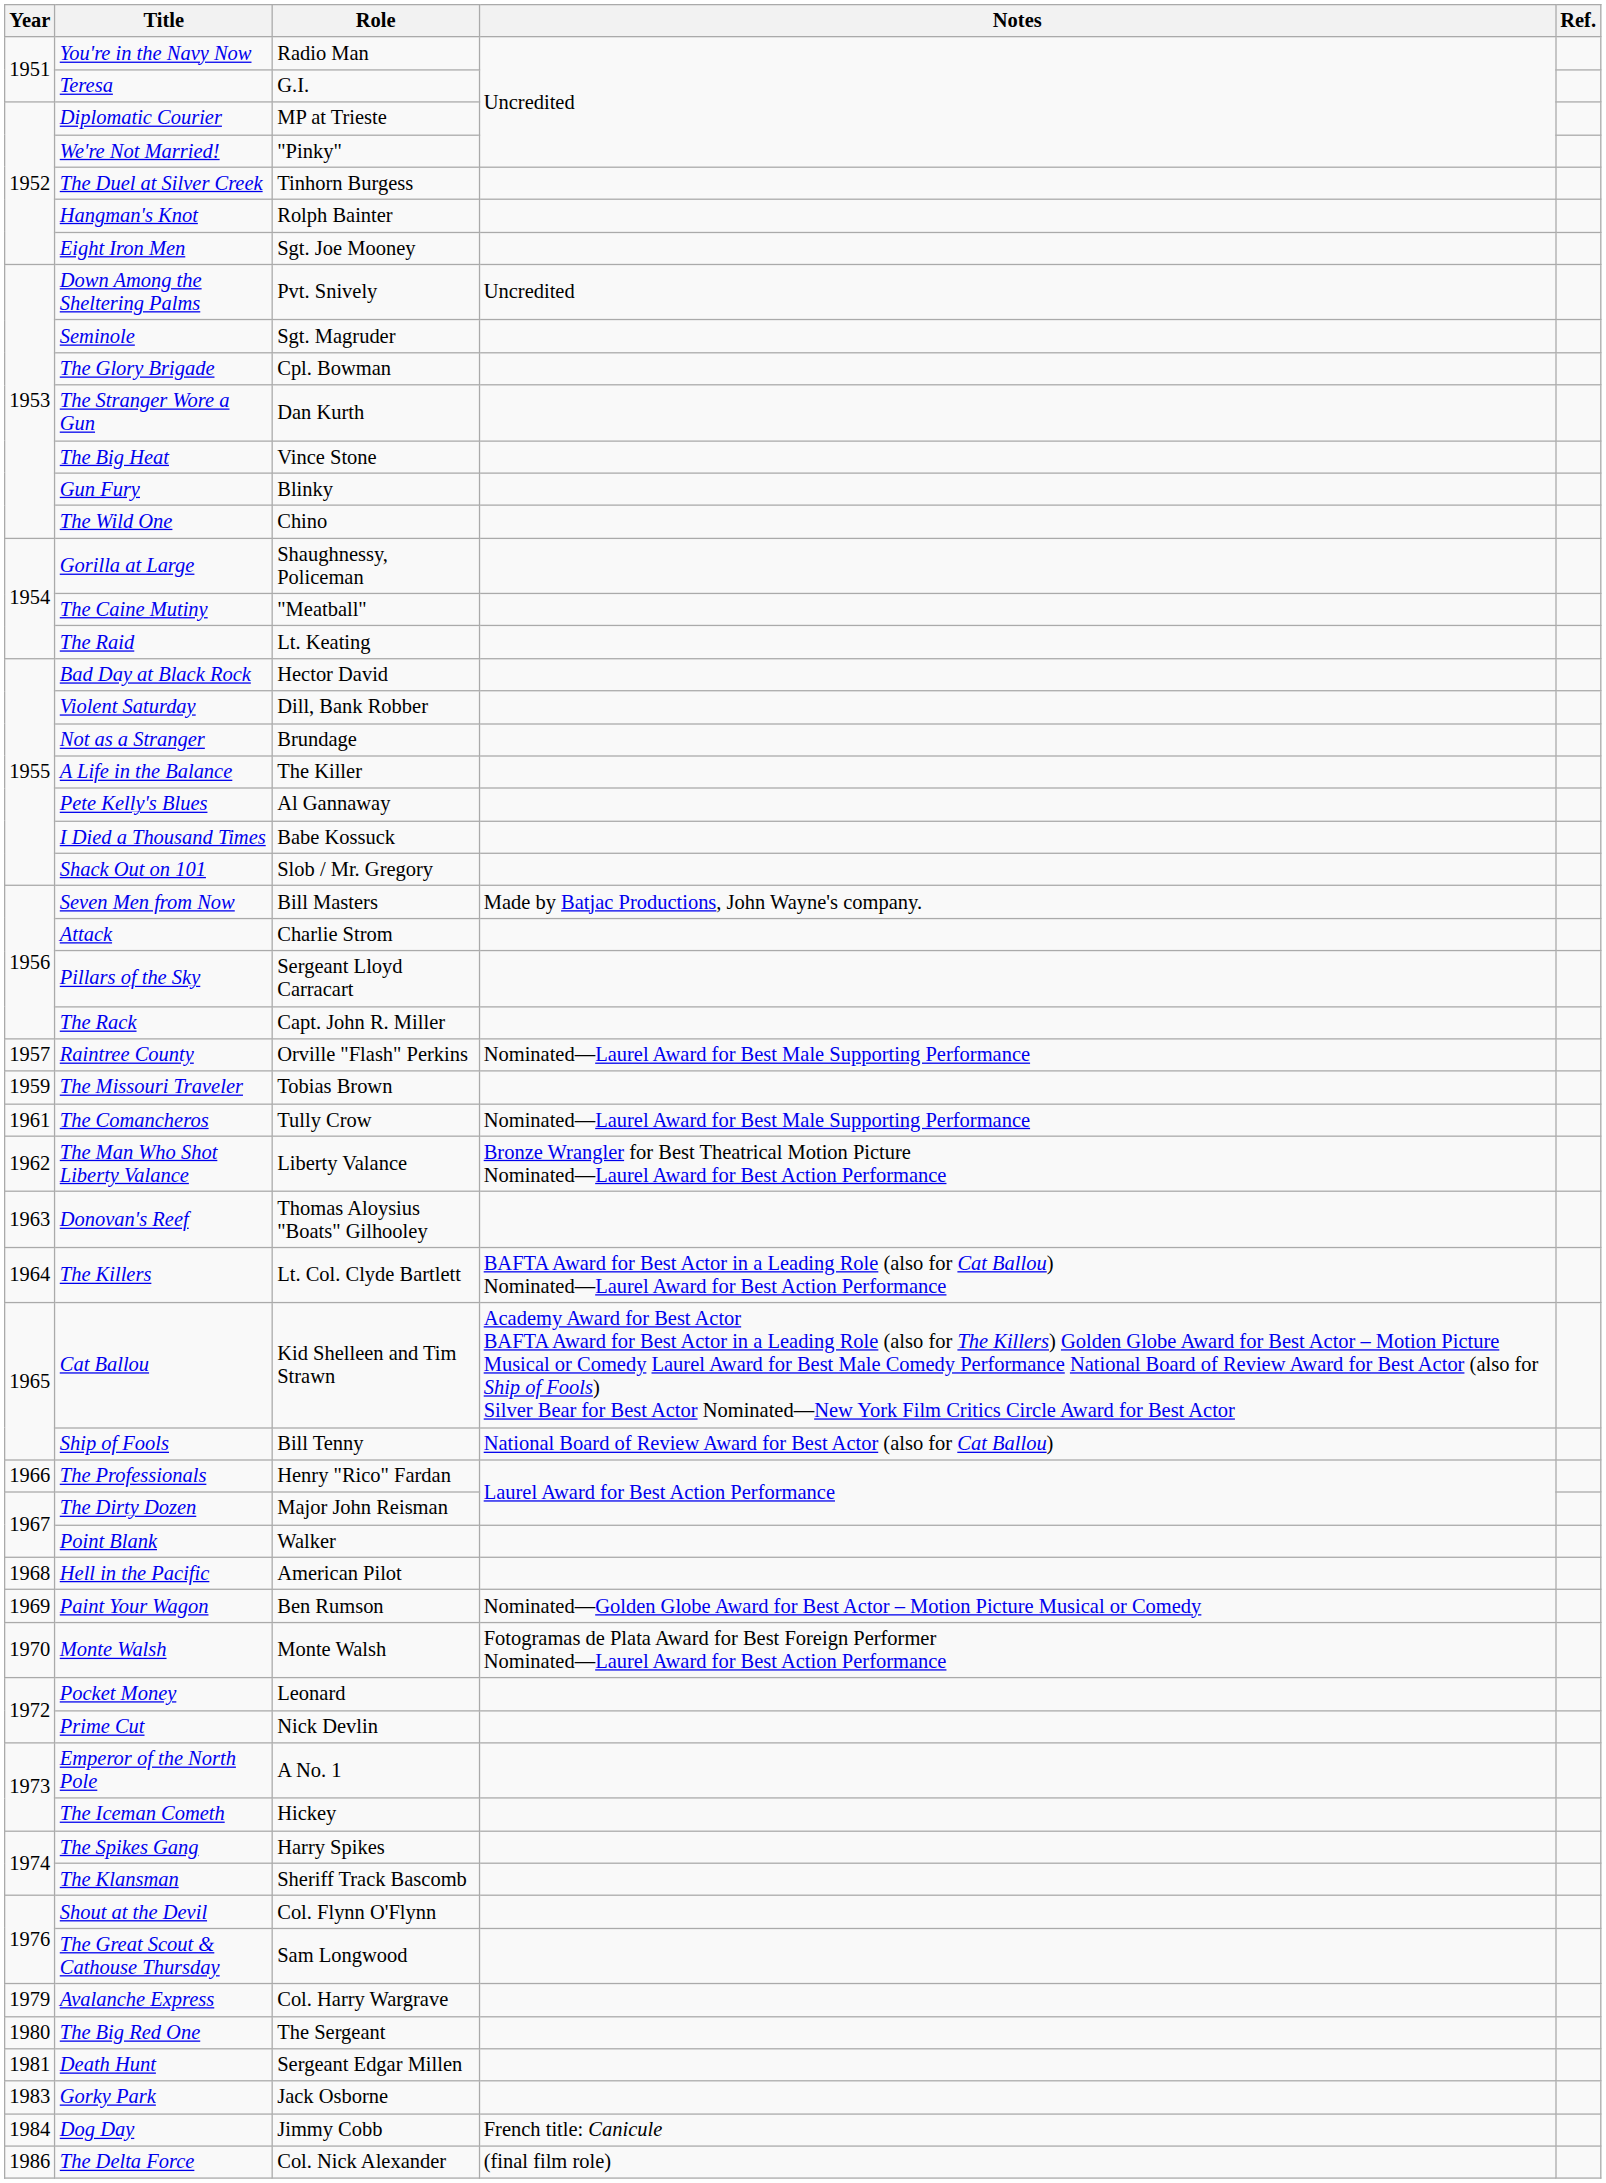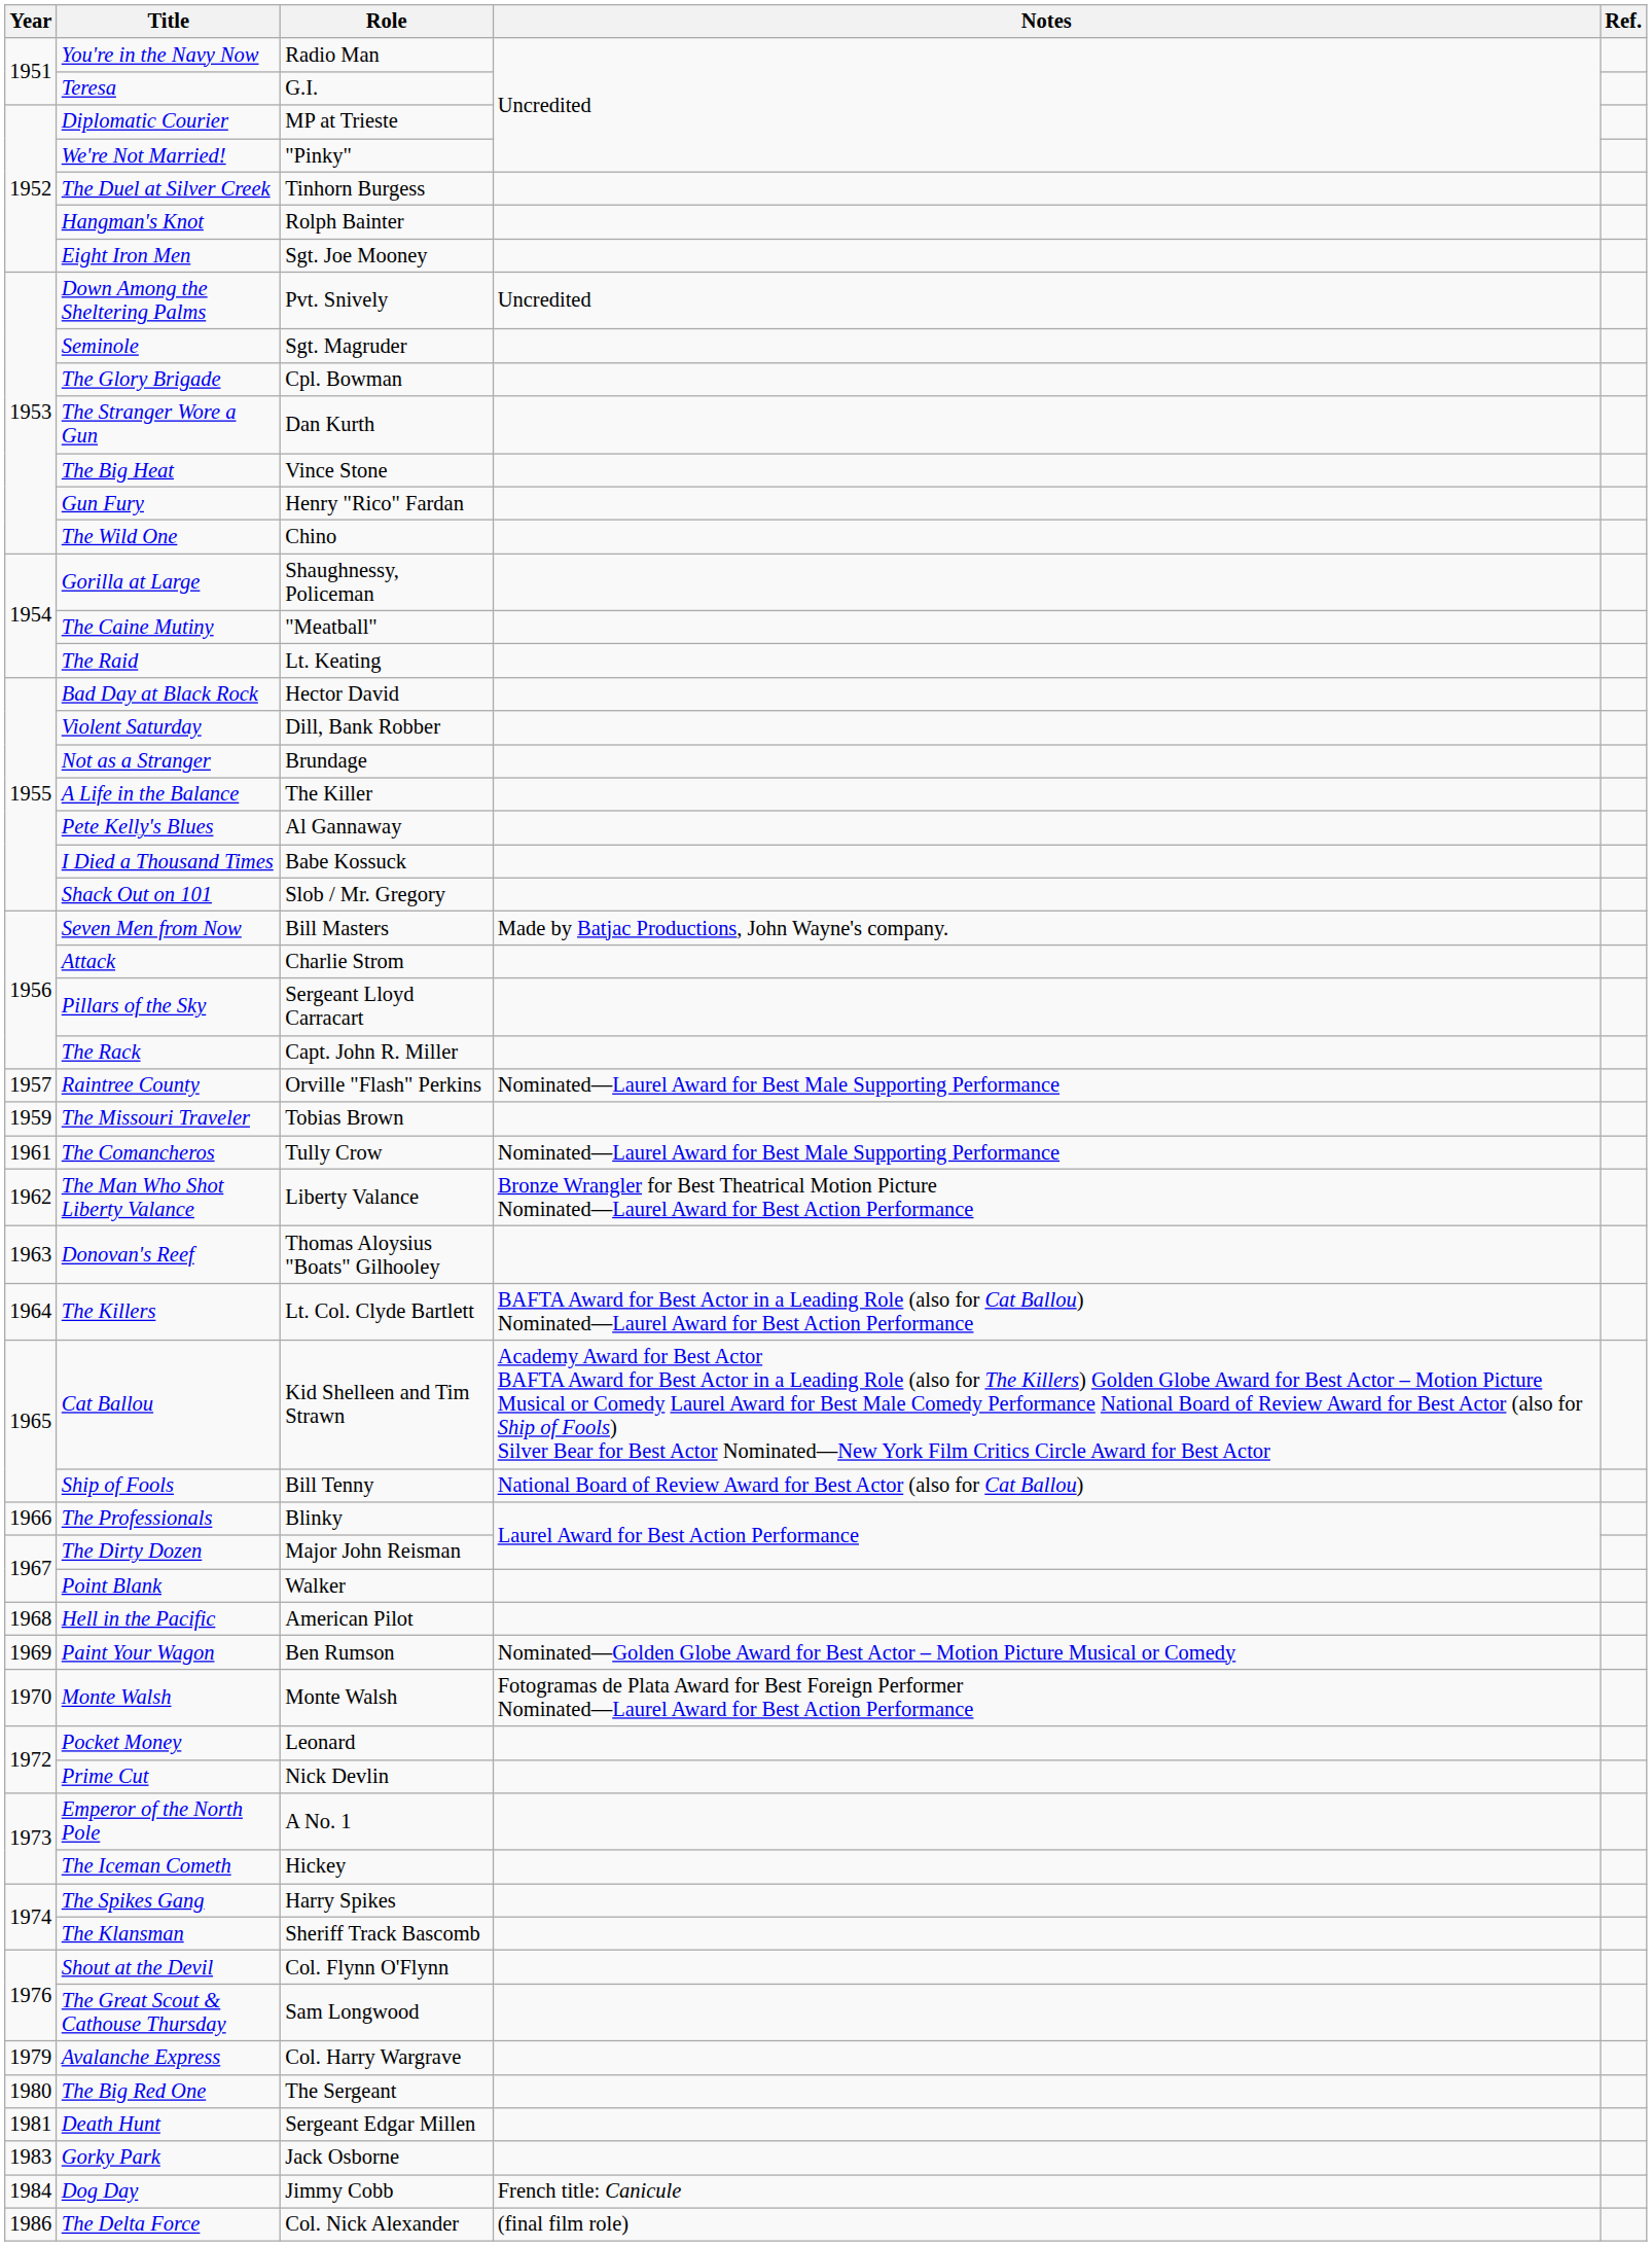 <table class="wikitable sortable">
 <tr>
 <th>Year</th>
 <th>Title</th>
 <th>Role</th>
 <th class="unsortable">Notes</th>
 <th>Ref.</th>
 </tr>
 <tr>
 <td rowspan="2">1951</td>
 <td><em><a href='#'>You're in the Navy Now</a></em></td>
 <td>Radio Man</td>
 <td rowspan="4">Uncredited</td>
 <td></td>
 </tr>
 <tr>
 <td><em><a href='#'>Teresa</a></em></td>
 <td>G.I.</td>
 <td></td>
 </tr>
 <tr>
 <td rowspan="5">1952</td>
 <td><em><a href='#'>Diplomatic Courier</a></em></td>
 <td>MP at Trieste</td>
 <td></td>
 </tr>
 <tr>
 <td><em><a href='#'>We're Not Married!</a></em></td>
 <td>"Pinky"</td>
 <td></td>
 </tr>
 <tr>
 <td><em><a href='#'>The Duel at Silver Creek</a></em></td>
 <td>Tinhorn Burgess</td>
 <td></td>
 <td></td>
 </tr>
 <tr>
 <td><em><a href='#'>Hangman's Knot</a></em></td>
 <td>Rolph Bainter</td>
 <td></td>
 <td></td>
 </tr>
 <tr>
 <td><em><a href='#'>Eight Iron Men</a></em></td>
 <td>Sgt. Joe Mooney</td>
 <td></td>
 <td></td>
 </tr>
 <tr>
 <td rowspan="7">1953</td>
 <td><em><a href='#'>Down Among the Sheltering Palms</a></em></td>
 <td>Pvt. Snively</td>
 <td>Uncredited</td>
 <td></td>
 </tr>
 <tr>
 <td><em><a href='#'>Seminole</a></em></td>
 <td>Sgt. Magruder</td>
 <td></td>
 <td></td>
 </tr>
 <tr>
 <td><em><a href='#'>The Glory Brigade</a></em></td>
 <td>Cpl. Bowman</td>
 <td></td>
 <td></td>
 </tr>
 <tr>
 <td><em><a href='#'>The Stranger Wore a Gun</a></em></td>
 <td>Dan Kurth</td>
 <td></td>
 <td></td>
 </tr>
 <tr>
 <td><em><a href='#'>The Big Heat</a></em></td>
 <td>Vince Stone</td>
 <td></td>
 <td></td>
 </tr>
 <tr>
 <td><em><a href='#'>Gun Fury</a></em></td>
-<td>Blinky</td>
+<td>Henry "Rico" Fardan</td>
 <td></td>
 <td></td>
 </tr>
 <tr>
 <td><em><a href='#'>The Wild One</a></em></td>
 <td>Chino</td>
 <td></td>
 <td></td>
 </tr>
 <tr>
 <td rowspan="3">1954</td>
 <td><em><a href='#'>Gorilla at Large</a></em></td>
 <td>Shaughnessy, Policeman</td>
 <td></td>
 <td></td>
 </tr>
 <tr>
 <td><em><a href='#'>The Caine Mutiny</a></em></td>
 <td>"Meatball"</td>
 <td></td>
 <td></td>
 </tr>
 <tr>
 <td><em><a href='#'>The Raid</a></em></td>
 <td>Lt. Keating</td>
 <td></td>
 <td></td>
 </tr>
 <tr>
 <td rowspan="7">1955</td>
 <td><em><a href='#'>Bad Day at Black Rock</a></em></td>
 <td>Hector David</td>
 <td></td>
 <td></td>
 </tr>
 <tr>
 <td><em><a href='#'>Violent Saturday</a></em></td>
 <td>Dill, Bank Robber</td>
 <td></td>
 <td></td>
 </tr>
 <tr>
 <td><em><a href='#'>Not as a Stranger</a></em></td>
 <td>Brundage</td>
 <td></td>
 <td></td>
 </tr>
 <tr>
 <td><em><a href='#'>A Life in the Balance</a></em></td>
 <td>The Killer</td>
 <td></td>
 <td></td>
 </tr>
 <tr>
 <td><em><a href='#'>Pete Kelly's Blues</a></em></td>
 <td>Al Gannaway</td>
 <td></td>
 <td></td>
 </tr>
 <tr>
 <td><em><a href='#'>I Died a Thousand Times</a></em></td>
 <td>Babe Kossuck</td>
 <td></td>
 <td></td>
 </tr>
 <tr>
 <td><em><a href='#'>Shack Out on 101</a></em></td>
 <td>Slob / Mr. Gregory</td>
 <td></td>
 <td></td>
 </tr>
 <tr>
 <td rowspan="4">1956</td>
 <td><em><a href='#'>Seven Men from Now</a></em></td>
 <td>Bill Masters</td>
 <td>Made by <a href='#'>Batjac Productions</a>, John Wayne's company.</td>
 <td></td>
 </tr>
 <tr>
 <td><em><a href='#'>Attack</a></em></td>
 <td>Charlie Strom</td>
 <td></td>
 <td></td>
 </tr>
 <tr>
 <td><em><a href='#'>Pillars of the Sky</a></em></td>
 <td>Sergeant Lloyd Carracart</td>
 <td></td>
 <td></td>
 </tr>
 <tr>
 <td><em><a href='#'>The Rack</a></em></td>
 <td>Capt. John R. Miller</td>
 <td></td>
 <td></td>
 </tr>
 <tr>
 <td>1957</td>
 <td><em><a href='#'>Raintree County</a></em></td>
 <td>Orville "Flash" Perkins</td>
 <td>Nominated—<a href='#'>Laurel Award for Best Male Supporting Performance</a></td>
 <td></td>
 </tr>
 <tr>
 <td>1959</td>
 <td><em><a href='#'>The Missouri Traveler</a></em></td>
 <td>Tobias Brown</td>
 <td></td>
 <td></td>
 </tr>
 <tr>
 <td>1961</td>
 <td><em><a href='#'>The Comancheros</a></em></td>
 <td>Tully Crow</td>
 <td>Nominated—<a href='#'>Laurel Award for Best Male Supporting Performance</a></td>
 <td></td>
 </tr>
 <tr>
 <td>1962</td>
 <td><em><a href='#'>The Man Who Shot Liberty Valance</a></em></td>
 <td>Liberty Valance</td>
 <td><a href='#'>Bronze Wrangler</a> for Best Theatrical Motion Picture<br>Nominated—<a href='#'>Laurel Award for Best Action Performance</a></td>
 <td></td>
 </tr>
 <tr>
 <td>1963</td>
 <td><em><a href='#'>Donovan's Reef</a></em></td>
 <td>Thomas Aloysius "Boats" Gilhooley</td>
 <td></td>
 <td></td>
 </tr>
 <tr>
 <td>1964</td>
 <td><em><a href='#'>The Killers</a></em></td>
 <td>Lt. Col. Clyde Bartlett</td>
 <td><a href='#'>BAFTA Award for Best Actor in a Leading Role</a> (also for <em><a href='#'>Cat Ballou</a></em>)<br>Nominated—<a href='#'>Laurel Award for Best Action Performance</a></td>
 <td></td>
 </tr>
 <tr>
 <td rowspan="2">1965</td>
 <td><em><a href='#'>Cat Ballou</a></em></td>
 <td>Kid Shelleen and Tim Strawn</td>
 <td><a href='#'>Academy Award for Best Actor</a><br><a href='#'>BAFTA Award for Best Actor in a Leading Role</a> (also for <em><a href='#'>The Killers</a></em>) <a href='#'>Golden Globe Award for Best Actor – Motion Picture Musical or Comedy</a> <a href='#'>Laurel Award for Best Male Comedy Performance</a> <a href='#'>National Board of Review Award for Best Actor</a> (also for <em><a href='#'>Ship of Fools</a></em>)<br><a href='#'>Silver Bear for Best Actor</a> Nominated—<a href='#'>New York Film Critics Circle Award for Best Actor</a></td>
 <td></td>
 </tr>
 <tr>
 <td><em><a href='#'>Ship of Fools</a></em></td>
 <td>Bill Tenny</td>
 <td><a href='#'>National Board of Review Award for Best Actor</a> (also for <em><a href='#'>Cat Ballou</a></em>)</td>
 <td></td>
 </tr>
 <tr>
 <td>1966</td>
 <td><em><a href='#'>The Professionals</a></em></td>
-<td>Henry "Rico" Fardan</td>
+<td>Blinky</td>
 <td rowspan="2"><a href='#'>Laurel Award for Best Action Performance</a></td>
 <td></td>
 </tr>
 <tr>
 <td rowspan="2">1967</td>
 <td><em><a href='#'>The Dirty Dozen</a></em></td>
 <td>Major John Reisman</td>
 <td></td>
 </tr>
 <tr>
 <td><em><a href='#'>Point Blank</a></em></td>
 <td>Walker</td>
 <td></td>
 <td></td>
 </tr>
 <tr>
 <td>1968</td>
 <td><em><a href='#'>Hell in the Pacific</a></em></td>
 <td>American Pilot</td>
 <td></td>
 <td></td>
 </tr>
 <tr>
 <td>1969</td>
 <td><em><a href='#'>Paint Your Wagon</a></em></td>
 <td>Ben Rumson</td>
 <td>Nominated—<a href='#'>Golden Globe Award for Best Actor – Motion Picture Musical or Comedy</a></td>
 <td></td>
 </tr>
 <tr>
 <td>1970</td>
 <td><em><a href='#'>Monte Walsh</a></em></td>
 <td>Monte Walsh</td>
 <td>Fotogramas de Plata Award for Best Foreign Performer<br>Nominated—<a href='#'>Laurel Award for Best Action Performance</a></td>
 <td></td>
 </tr>
 <tr>
 <td rowspan="2">1972</td>
 <td><em><a href='#'>Pocket Money</a></em></td>
 <td>Leonard</td>
 <td></td>
 <td></td>
 </tr>
 <tr>
 <td><em><a href='#'>Prime Cut</a></em></td>
 <td>Nick Devlin</td>
 <td></td>
 <td></td>
 </tr>
 <tr>
 <td rowspan="2">1973</td>
 <td><em><a href='#'>Emperor of the North Pole</a></em></td>
 <td>A No. 1</td>
 <td></td>
 <td></td>
 </tr>
 <tr>
 <td><em><a href='#'>The Iceman Cometh</a></em></td>
 <td>Hickey</td>
 <td></td>
 <td></td>
 </tr>
 <tr>
 <td rowspan="2">1974</td>
 <td><em><a href='#'>The Spikes Gang</a></em></td>
 <td>Harry Spikes</td>
 <td></td>
 <td></td>
 </tr>
 <tr>
 <td><em><a href='#'>The Klansman</a></em></td>
 <td>Sheriff Track Bascomb</td>
 <td></td>
 <td></td>
 </tr>
 <tr>
 <td rowspan="2">1976</td>
 <td><em><a href='#'>Shout at the Devil</a></em></td>
 <td>Col. Flynn O'Flynn</td>
 <td></td>
 <td></td>
 </tr>
 <tr>
 <td><em><a href='#'>The Great Scout & Cathouse Thursday</a></em></td>
 <td>Sam Longwood</td>
 <td></td>
 <td></td>
 </tr>
 <tr>
 <td>1979</td>
 <td><em><a href='#'>Avalanche Express</a></em></td>
 <td>Col. Harry Wargrave</td>
 <td></td>
 <td></td>
 </tr>
 <tr>
 <td>1980</td>
 <td><em><a href='#'>The Big Red One</a></em></td>
 <td>The Sergeant</td>
 <td></td>
 <td></td>
 </tr>
 <tr>
 <td>1981</td>
 <td><em><a href='#'>Death Hunt</a></em></td>
 <td>Sergeant Edgar Millen</td>
 <td></td>
 <td></td>
 </tr>
 <tr>
 <td>1983</td>
 <td><em><a href='#'>Gorky Park</a></em></td>
 <td>Jack Osborne</td>
 <td></td>
 <td></td>
 </tr>
 <tr>
 <td>1984</td>
 <td><em><a href='#'>Dog Day</a></em></td>
 <td>Jimmy Cobb</td>
 <td>French title: <em>Canicule</em></td>
 <td></td>
 </tr>
 <tr>
 <td>1986</td>
 <td><em><a href='#'>The Delta Force</a></em></td>
 <td>Col. Nick Alexander</td>
 <td>(final film role)</td>
 <td></td>
 </tr>
 </table>
